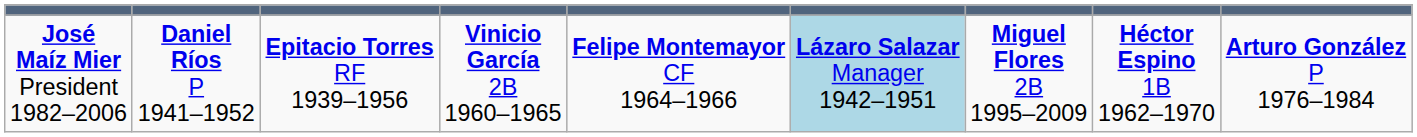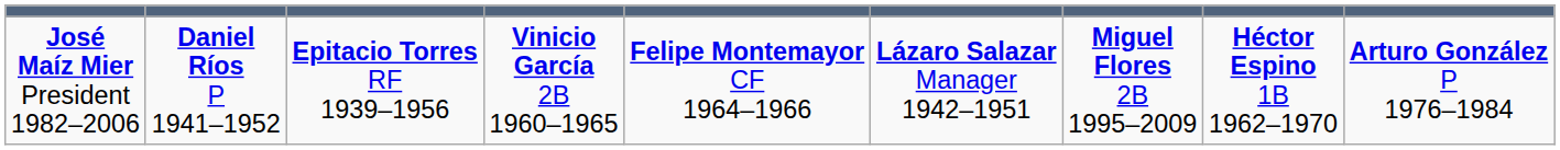 <table class="wikitable" style="text-align:center;">
 <tr>
 <td style="background:#50647D;"></td>
 <td style="background:#50647D;"></td>
 <td style="background:#50647D;"></td>
 <td style="background:#50647D;"></td>
 <td style="background:#50647D;"></td>
 <td style="background:#50647D;"></td>
 <td style="background:#50647D;"></td>
 <td style="background:#50647D;"></td>
 <td style="background:#50647D;"></td>
 </tr>
 <tr>
 <td><strong><a href='#'>José<br>Maíz Mier</a></strong> <br> President <br> 1982–2006 <br> </td>
 <td><strong><a href='#'>Daniel<br>Ríos</a></strong> <br> <a href='#'>P</a> <br> 1941–1952 <br> </td>
 <td><strong><a href='#'>Epitacio Torres</a></strong> <br> <a href='#'>RF</a> <br> 1939–1956 <br> </td>
 <td><strong><a href='#'>Vinicio<br>García</a></strong> <br> <a href='#'>2B</a> <br> 1960–1965 <br> </td>
 <td><strong><a href='#'>Felipe Montemayor</a></strong> <br> <a href='#'>CF</a> <br> 1964–1966 <br> </td>
-<td style="background: lightblue;"><strong><a href='#'>Lázaro Salazar</a></strong> <br> <a href='#'>Manager</a> <br> 1942–1951 <br> </td>
+<td><strong><a href='#'>Lázaro Salazar</a></strong> <br> <a href='#'>Manager</a> <br> 1942–1951 <br> </td>
 <td><strong><a href='#'>Miguel<br>Flores</a></strong> <br> <a href='#'>2B</a> <br> 1995–2009 <br> </td>
 <td><strong><a href='#'>Héctor<br>Espino</a></strong> <br> <a href='#'>1B</a> <br> 1962–1970 <br> </td>
 <td><strong><a href='#'>Arturo González</a></strong> <br> <a href='#'>P</a> <br> 1976–1984 <br> </td>
 </tr>
 </table>
